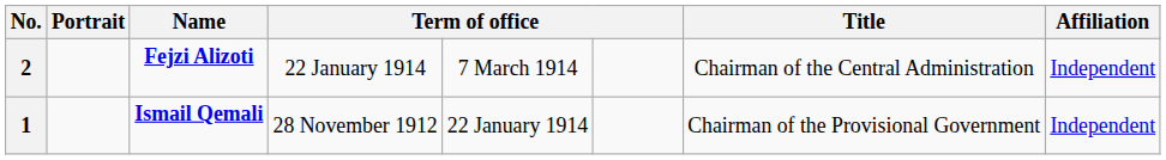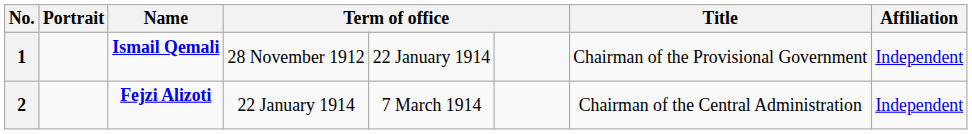 <table class="wikitable" style="text-align:center;">
 <tr>
 <th>No.</th>
 <th>Portrait</th>
 <th>Name</th>
 <th colspan="3">Term of office</th>
 <th>Title</th>
 <th>Affiliation</th>
+</tr>
+<tr>
+<th style="background:">1</th>
+<td></td>
+<td><strong><a href='#'>Ismail Qemali</a></strong><br><br></td>
+<td>28 November 1912</td>
+<td>22 January 1914</td>
+<td width="60px"><em></em></td>
+<td>Chairman of the Provisional Government</td>
+<td><a href='#'>Independent</a></td>
 </tr>
 <tr>
 <th style="background:">2</th>
 <td></td>
 <td><strong><a href='#'>Fejzi Alizoti</a></strong><br> <br></td>
 <td>22 January 1914</td>
 <td>7 March 1914</td>
 <td><em></em></td>
 <td>Chairman of the Central Administration</td>
 <td><a href='#'>Independent</a></td>
 </tr>
-<tr>
-<th style="background:">1</th>
-<td></td>
-<td><strong><a href='#'>Ismail Qemali</a></strong><br><br></td>
-<td>28 November 1912</td>
-<td>22 January 1914</td>
-<td width="60px"><em></em></td>
-<td>Chairman of the Provisional Government</td>
-<td><a href='#'>Independent</a></td>
-</tr>
 </table>
